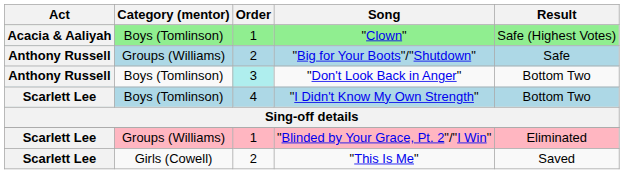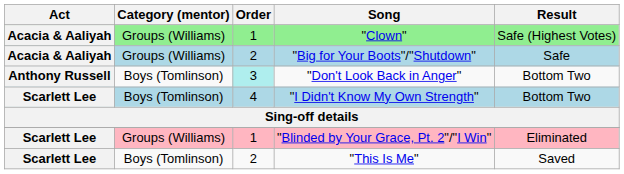 <table class="wikitable plainrowheaders" style="text-align:center;">
 <tr>
 <th scope="col">Act</th>
 <th scope="col">Category (mentor)</th>
 <th scope="col">Order</th>
 <th scope="col">Song</th>
 <th scope="col">Result</th>
 </tr>
 <tr style="background:lightgreen;">
 <th scope="row">Acacia & Aaliyah</th>
-<td>Boys (Tomlinson)</td>
+<td>Groups (Williams)</td>
 <td>1</td>
 <td>"<a href='#'>Clown</a>"</td>
 <td>Safe (Highest Votes)</td>
 </tr>
 <tr style="background:lightblue;">
-<th scope="row">Anthony Russell</th>
+<th scope="row">Acacia & Aaliyah</th>
 <td>Groups (Williams)</td>
 <td>2</td>
 <td>"<a href='#'>Big for Your Boots</a>"/"<a href='#'>Shutdown</a>"</td>
 <td>Safe</td>
 </tr>
 <tr>
 <th scope="row">Anthony Russell</th>
 <td>Boys (Tomlinson)</td>
 <td style="background: paleturquoise;">3</td>
 <td>"<a href='#'>Don't Look Back in Anger</a>"</td>
 <td>Bottom Two</td>
 </tr>
 <tr style="background:lightblue;">
 <th scope="row">Scarlett Lee</th>
 <td>Boys (Tomlinson)</td>
 <td>4</td>
 <td>"<a href='#'>I Didn't Know My Own Strength</a>"</td>
 <td>Bottom Two</td>
 </tr>
 <tr>
 <th colspan="5">Sing-off details</th>
 </tr>
 <tr>
 </tr>
 <tr style="background:lightpink;">
 <th scope="row">Scarlett Lee</th>
 <td>Groups (Williams)</td>
 <td>1</td>
 <td>"<a href='#'>Blinded by Your Grace, Pt. 2</a>"/"<a href='#'>I Win</a>"</td>
 <td>Eliminated</td>
 </tr>
 <tr>
 <th scope="row">Scarlett Lee</th>
-<td>Girls (Cowell)</td>
+<td>Boys (Tomlinson)</td>
 <td>2</td>
 <td>"<a href='#'>This Is Me</a>"</td>
 <td>Saved</td>
 </tr>
 </table>
